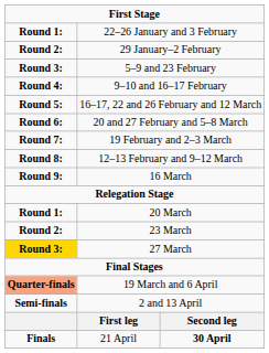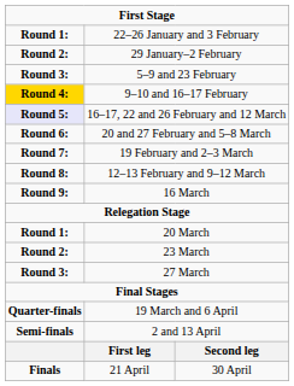 <table class=wikitable style="text-align:center; font-size:90%">
 <tr>
 <td colspan=3><strong>First Stage</strong></td>
 </tr>
 <tr>
 <td><strong>Round 1:</strong></td>
 <td colspan=2>22–26 January and 3 February</td>
 </tr>
 <tr>
 <td><strong>Round 2:</strong></td>
 <td colspan=2>29 January–2 February</td>
 </tr>
 <tr>
 <td><strong>Round 3:</strong></td>
 <td colspan=2>5–9 and 23 February</td>
 </tr>
 <tr>
-<td><strong>Round 4:</strong></td>
+<td style="background: gold;"><strong>Round 4:</strong></td>
 <td colspan=2>9–10 and 16–17 February</td>
 </tr>
 <tr>
-<td><strong>Round 5:</strong></td>
+<td style="background: lavender;"><strong>Round 5:</strong></td>
 <td colspan=2>16–17, 22 and 26 February and 12 March</td>
 </tr>
 <tr>
 <td><strong>Round 6:</strong></td>
 <td colspan=2>20 and 27 February and 5–8 March</td>
 </tr>
 <tr>
 <td><strong>Round 7:</strong></td>
 <td colspan=2>19 February and 2–3 March</td>
 </tr>
 <tr>
 <td><strong>Round 8:</strong></td>
 <td colspan=2>12–13 February and 9–12 March</td>
 </tr>
 <tr>
 <td><strong>Round 9:</strong></td>
 <td colspan=2>16 March</td>
 </tr>
 <tr>
 <td colspan=3><strong>Relegation Stage</strong></td>
 </tr>
 <tr>
 <td><strong>Round 1:</strong></td>
 <td colspan=2>20 March</td>
 </tr>
 <tr>
 <td><strong>Round 2:</strong></td>
 <td colspan=2>23 March</td>
 </tr>
 <tr>
-<td style="background: gold;"><strong>Round 3:</strong></td>
+<td><strong>Round 3:</strong></td>
 <td colspan=2>27 March</td>
 </tr>
 <tr>
 <td colspan=3><strong>Final Stages</strong></td>
 </tr>
 <tr>
-<td style="background: lightsalmon;"><strong>Quarter-finals</strong></td>
+<td><strong>Quarter-finals</strong></td>
 <td colspan=2>19 March and 6 April</td>
 </tr>
 <tr>
 <td><strong>Semi-finals</strong></td>
 <td colspan=2>2 and 13 April</td>
 </tr>
 <tr>
 <th></th>
 <th>First leg</th>
 <th>Second leg</th>
 </tr>
 <tr>
 <td><strong>Finals</strong></td>
 <td>21 April</td>
-<td><strong>30 April</strong></td>
+<td>30 April</td>
 </tr>
 </table>
